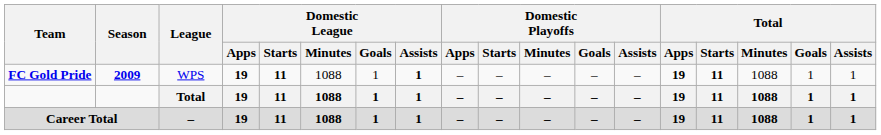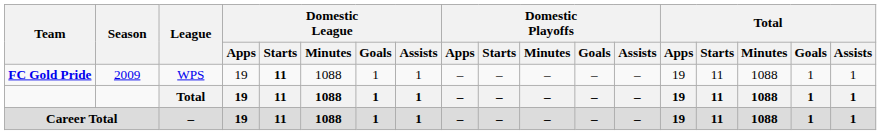 <table class="wikitable" style=font-size:90% text-align: center width=75%>
 <tr>
 <th rowspan=2 width=10%>Team</th>
 <th rowspan=2 width=7%>Season</th>
 <th rowspan=2 width=7%>League</th>
 <th colspan=5 width=20%>Domestic<br>League</th>
 <th colspan=5 width=20%>Domestic<br>Playoffs</th>
 <th colspan=5 width=10%>Total</th>
 </tr>
 <tr>
 <th align=center>Apps</th>
 <th align=center>Starts</th>
 <th align=center>Minutes</th>
 <th align=center>Goals</th>
 <th align=center>Assists</th>
 <th align=center>Apps</th>
 <th align=center>Starts</th>
 <th align=center>Minutes</th>
 <th align=center>Goals</th>
 <th align=center>Assists</th>
 <th align=center>Apps</th>
 <th align=center>Starts</th>
 <th align=center>Minutes</th>
 <th align=center>Goals</th>
 <th align=center>Assists</th>
 </tr>
 <tr>
 <td rowspan=1 align=center><strong><a href='#'>FC Gold Pride</a></strong></td>
-<td align=center><strong><a href='#'>2009</a></strong></td>
+<td align=center><a href='#'>2009</a></td>
 <td align=center><a href='#'>WPS</a></td>
-<td align=center><strong>19</strong></td>
+<td align=center>19</td>
 <td align=center><strong>11</strong></td>
 <td align=center>1088</td>
 <td align=center>1</td>
-<td align=center><strong>1</strong></td>
+<td align=center>1</td>
 <td align=center>–</td>
 <td align=center>–</td>
 <td align=center>–</td>
 <td align=center>–</td>
 <td align=center>–</td>
-<td align=center><strong>19</strong></td>
-<td align=center><strong>11</strong></td>
+<td align=center>19</td>
+<td align=center>11</td>
 <td align=center>1088</td>
 <td align=center>1</td>
 <td align=center>1</td>
 </tr>
 <tr>
 <td></td>
 <td></td>
 <th>Total</th>
 <th>19</th>
 <th>11</th>
 <th>1088</th>
 <th>1</th>
 <th>1</th>
 <th>–</th>
 <th>–</th>
 <th>–</th>
 <th>–</th>
 <th>–</th>
 <th>19</th>
 <th>11</th>
 <th>1088</th>
 <th>1</th>
 <th>1</th>
 </tr>
 <tr>
 <th style="background: #DCDCDC" colspan="2">Career Total</th>
 <th style="background: #DCDCDC" align=center>–</th>
 <th style="background: #DCDCDC" align=center>19</th>
 <th style="background: #DCDCDC" align=center>11</th>
 <th style="background: #DCDCDC" align=center>1088</th>
 <th style="background: #DCDCDC" align=center>1</th>
 <th style="background: #DCDCDC" align=center>1</th>
 <th style="background: #DCDCDC" align=center>–</th>
 <th style="background: #DCDCDC" align=center>–</th>
 <th style="background: #DCDCDC" align=center>–</th>
 <th style="background: #DCDCDC" align=center>–</th>
 <th style="background: #DCDCDC" align=center>–</th>
 <th style="background: #DCDCDC" align=center>19</th>
 <th style="background: #DCDCDC" align=center>11</th>
 <th style="background: #DCDCDC" align=center>1088</th>
 <th style="background: #DCDCDC" align=center>1</th>
 <th style="background: #DCDCDC" align=center>1</th>
 </tr>
 </table>
